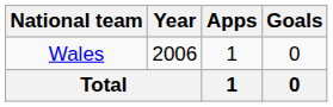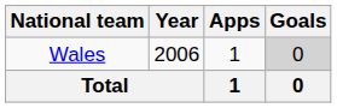 <table class="wikitable" style="text-align:center">
 <tr>
 <th>National team</th>
 <th>Year</th>
 <th>Apps</th>
 <th>Goals</th>
 </tr>
 <tr>
 <td rowspan=1><a href='#'>Wales</a></td>
 <td>2006</td>
 <td>1</td>
-<td>0</td>
+<td style="background: lightgrey;">0</td>
 </tr>
 <tr>
 <th colspan=2>Total</th>
 <th>1</th>
 <th>0</th>
 </tr>
 </table>
